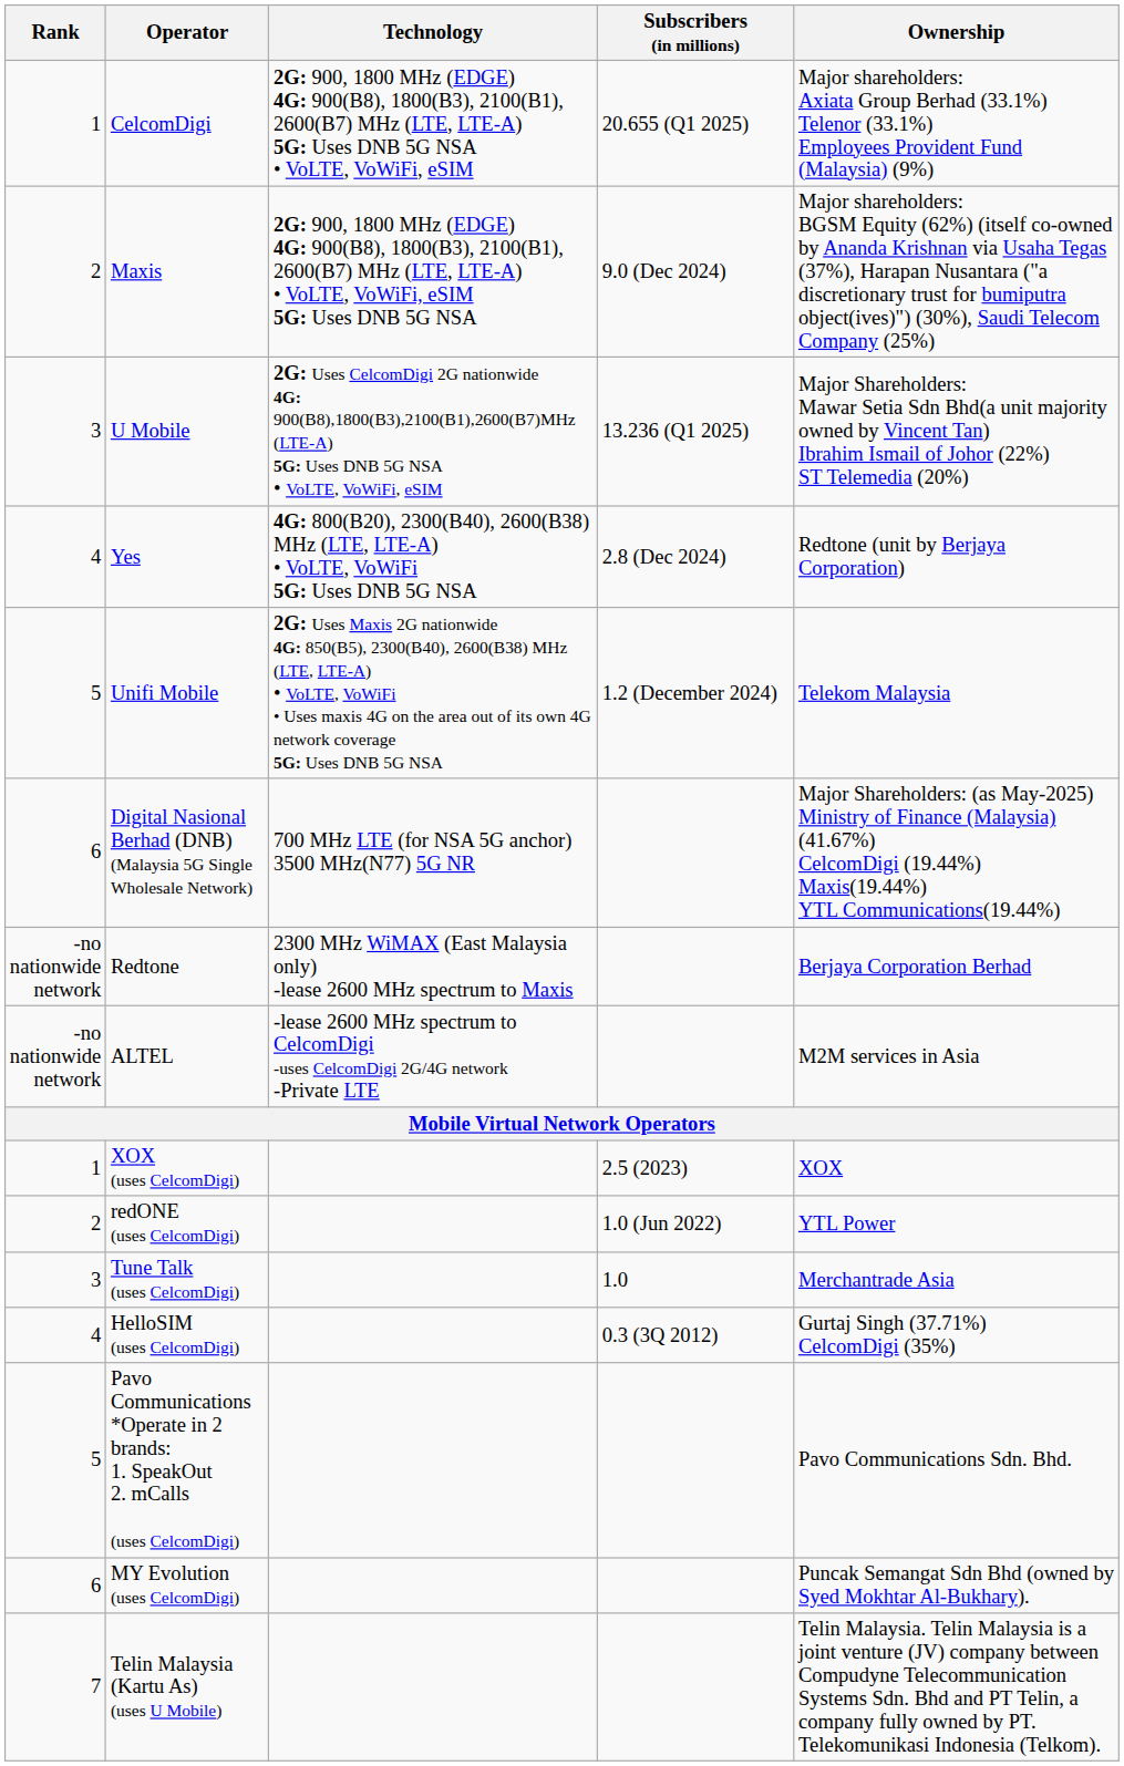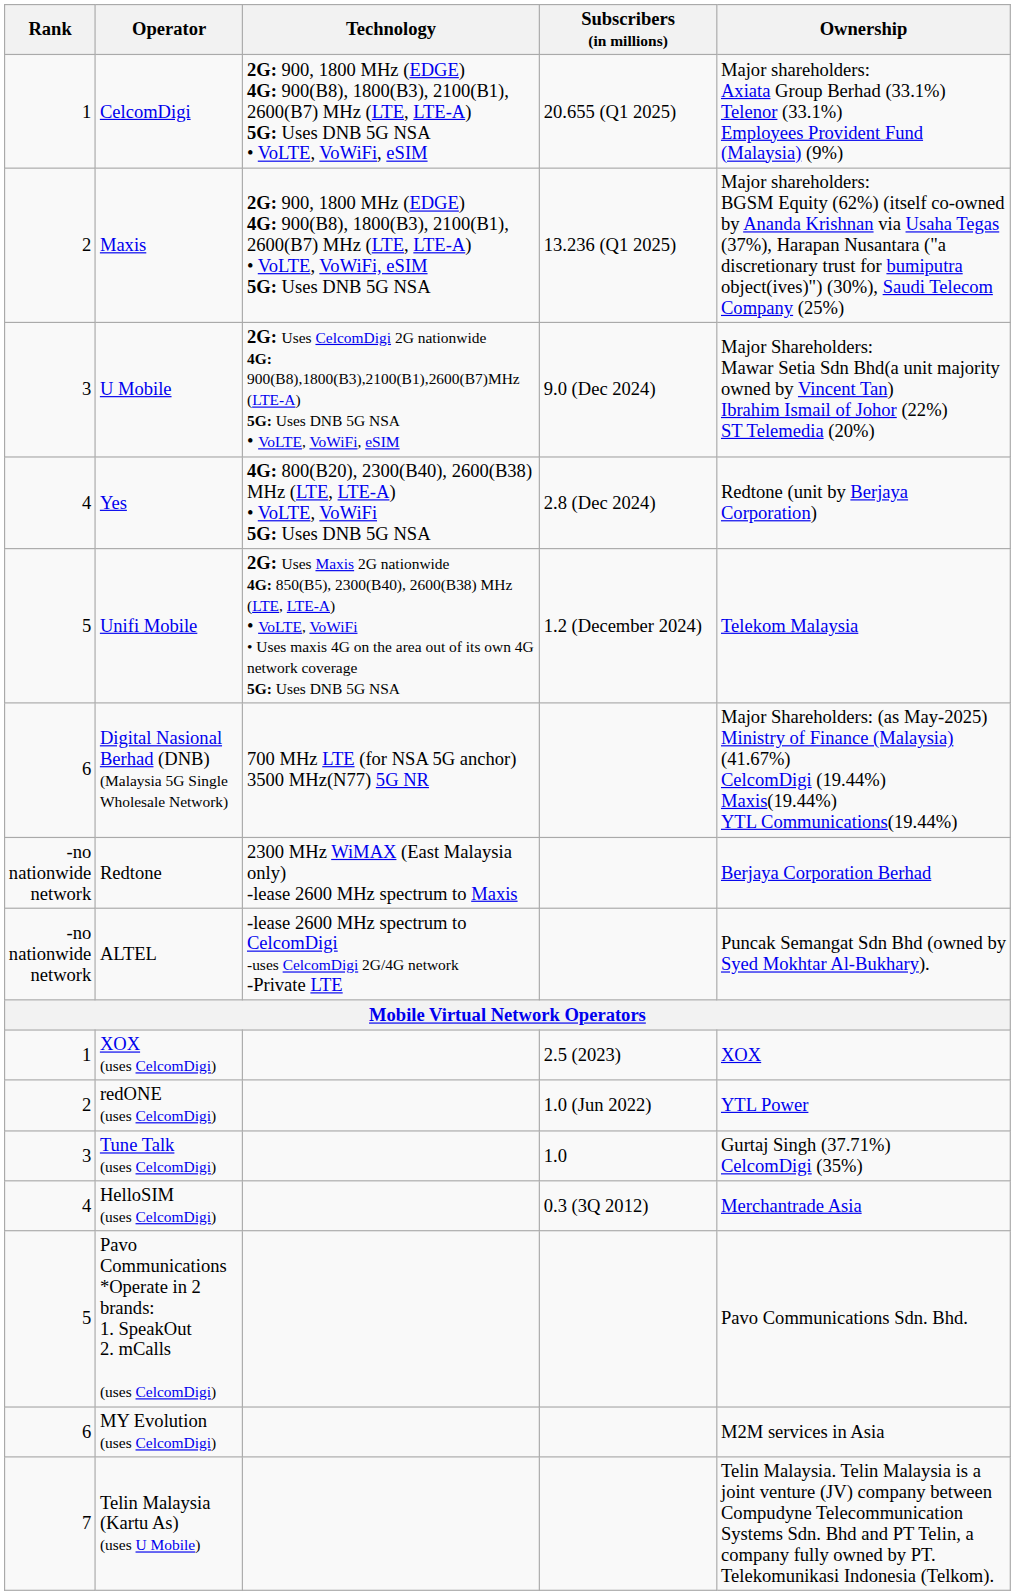 <table class="wikitable">
 <tr>
 <th style="width:3%;">Rank</th>
 <th style="width:15%;">Operator</th>
 <th style="width:30%;">Technology</th>
 <th style="width:20%;">Subscribers<br><small>(in millions)</small></th>
 <th style="width:32%;">Ownership</th>
 </tr>
 <tr>
 <td style="text-align:right;">1</td>
 <td><a href='#'>CelcomDigi</a></td>
 <td><strong>2G:</strong> 900, 1800 MHz (<a href='#'>EDGE</a>)<br><strong>4G:</strong> 900(B8), 1800(B3), 2100(B1), 2600(B7) MHz (<a href='#'>LTE</a>, <a href='#'>LTE-A</a>) <br><strong>5G:</strong> Uses DNB 5G NSA<br>• <a href='#'>VoLTE</a>, <a href='#'>VoWiFi</a>, <a href='#'>eSIM</a></td>
 <td>20.655  (Q1 2025)</td>
 <td>Major shareholders:<br><a href='#'>Axiata</a> Group Berhad (33.1%) <br> <a href='#'>Telenor</a> (33.1%) <br> <a href='#'>Employees Provident Fund (Malaysia)</a> (9%)</td>
 </tr>
 <tr>
 <td style="text-align:right;">2</td>
 <td><a href='#'>Maxis</a></td>
 <td><strong>2G:</strong> 900, 1800 MHz (<a href='#'>EDGE</a>)<br><strong>4G:</strong> 900(B8), 1800(B3), 2100(B1), 2600(B7) MHz (<a href='#'>LTE</a>, <a href='#'>LTE-A</a>)<br>• <a href='#'>VoLTE</a>, <a href='#'>VoWiFi, eSIM</a><br><strong>5G:</strong> Uses DNB 5G NSA</td>
-<td>9.0 (Dec 2024)</td>
+<td>13.236  (Q1 2025)</td>
 <td>Major shareholders:<br>BGSM Equity (62%) (itself co-owned by <a href='#'>Ananda Krishnan</a> via <a href='#'>Usaha Tegas</a> (37%), Harapan Nusantara ("a discretionary trust for <a href='#'>bumiputra</a> object(ives)") (30%), <a href='#'>Saudi Telecom Company</a> (25%)</td>
 </tr>
 <tr>
 <td style="text-align:right;">3</td>
 <td><a href='#'>U Mobile</a></td>
 <td><strong>2G:</strong> <small>Uses <a href='#'>CelcomDigi</a> 2G nationwide</small><br><small><strong>4G:</strong> 900(B8),1800(B3),2100(B1),2600(B7)MHz (<a href='#'>LTE-A</a>)<br><strong>5G:</strong> Uses DNB 5G NSA</small><br>• <small><a href='#'>VoLTE</a>, <a href='#'>VoWiFi</a>, <a href='#'>eSIM</a></small></td>
-<td>13.236  (Q1 2025)</td>
+<td>9.0 (Dec 2024)</td>
 <td>Major Shareholders:<br>Mawar Setia Sdn Bhd(a unit majority owned by <a href='#'>Vincent Tan</a>)<br><a href='#'>Ibrahim Ismail of Johor</a> (22%)<br><a href='#'>ST Telemedia</a> (20%)<br></td>
 </tr>
 <tr>
 <td style="text-align:right;">4</td>
 <td><a href='#'>Yes</a></td>
 <td><strong>4G:</strong> 800(B20), 2300(B40), 2600(B38) MHz (<a href='#'>LTE</a>, <a href='#'>LTE-A</a>)<br>• <a href='#'>VoLTE</a>, <a href='#'>VoWiFi</a><br> <strong>5G:</strong> Uses DNB 5G NSA</td>
 <td>2.8 (Dec 2024)</td>
 <td>Redtone (unit by <a href='#'>Berjaya Corporation</a>)</td>
 </tr>
 <tr>
 <td style="text-align:right;">5</td>
 <td><a href='#'>Unifi Mobile</a></td>
 <td><strong>2G:</strong> <small>Uses <a href='#'>Maxis</a> 2G nationwide</small><br><small><strong>4G:</strong> 850(B5), 2300(B40), 2600(B38) MHz (<a href='#'>LTE</a>, <a href='#'>LTE-A</a>)</small><br>• <small><a href='#'>VoLTE</a>, <a href='#'>VoWiFi</a><br>• Uses maxis 4G on the area out of its own 4G network coverage<br><strong>5G:</strong> Uses DNB 5G NSA</small></td>
 <td>1.2 (December 2024)</td>
 <td><a href='#'>Telekom Malaysia</a></td>
 </tr>
 <tr>
 <td style="text-align:right;">6</td>
 <td><a href='#'>Digital Nasional Berhad</a> (DNB)<br><small>(Malaysia 5G Single Wholesale Network)</small></td>
 <td>700 MHz <a href='#'>LTE</a> (for NSA 5G anchor)<br>3500 MHz(N77) <a href='#'>5G NR</a></td>
 <td></td>
 <td>Major Shareholders: (as May-2025)<br><a href='#'>Ministry of Finance (Malaysia)</a> (41.67%)<br><a href='#'>CelcomDigi</a> (19.44%)<br><a href='#'>Maxis</a>(19.44%)<br><a href='#'>YTL Communications</a>(19.44%)</td>
 </tr>
 <tr>
 <td style="text-align:right;">-no nationwide network</td>
 <td>Redtone</td>
 <td>2300 MHz <a href='#'>WiMAX</a> (East Malaysia only)<br>-lease 2600 MHz spectrum to <a href='#'>Maxis</a></td>
 <td></td>
 <td><a href='#'>Berjaya Corporation Berhad</a></td>
 </tr>
 <tr>
 <td style="text-align:right;">-no nationwide network</td>
 <td>ALTEL</td>
 <td>-lease 2600 MHz spectrum to <a href='#'>CelcomDigi</a> <br><small>-uses <a href='#'>CelcomDigi</a> 2G/4G network</small><br>-Private <a href='#'>LTE</a></td>
 <td></td>
-<td>M2M services in Asia</td>
+<td>Puncak Semangat Sdn Bhd (owned by <a href='#'>Syed Mokhtar Al-Bukhary</a>).</td>
 </tr>
 <tr>
 <th colspan="5" style="text-align:center;"><a href='#'>Mobile Virtual Network Operators</a></th>
 </tr>
 <tr>
 <td style="text-align:right;">1</td>
 <td><a href='#'>XOX</a><br><small>(uses <a href='#'>CelcomDigi</a>)</small></td>
 <td></td>
 <td>2.5 (2023)</td>
 <td><a href='#'>XOX</a></td>
 </tr>
 <tr>
 <td style="text-align:right;">2</td>
 <td>redONE<br><small>(uses <a href='#'>CelcomDigi</a>)</small></td>
 <td></td>
 <td>1.0  (Jun 2022)</td>
 <td><a href='#'>YTL Power</a></td>
 </tr>
 <tr>
 <td style="text-align:right;">3</td>
 <td><a href='#'>Tune Talk</a><br><small>(uses <a href='#'>CelcomDigi</a>)</small></td>
 <td></td>
 <td>1.0</td>
-<td><a href='#'>Merchantrade Asia</a></td>
+<td>Gurtaj Singh (37.71%)<br><a href='#'>CelcomDigi</a> (35%)</td>
 </tr>
 <tr>
 <td style="text-align:right;">4</td>
 <td>HelloSIM<br><small>(uses <a href='#'>CelcomDigi</a>)</small></td>
 <td></td>
 <td>0.3 (3Q 2012)</td>
-<td>Gurtaj Singh (37.71%)<br><a href='#'>CelcomDigi</a> (35%)</td>
+<td><a href='#'>Merchantrade Asia</a></td>
 </tr>
 <tr>
 <td style="text-align:right;">5</td>
 <td>Pavo Communications<br> *Operate in 2 brands:<br>1. SpeakOut<br>2. mCalls<br><br><small>(uses <a href='#'>CelcomDigi</a>)</small></td>
 <td></td>
 <td></td>
 <td>Pavo Communications Sdn. Bhd.</td>
 </tr>
 <tr>
 <td style="text-align:right;">6</td>
 <td>MY Evolution<br><small>(uses <a href='#'>CelcomDigi</a>)</small></td>
 <td></td>
 <td></td>
-<td>Puncak Semangat Sdn Bhd (owned by <a href='#'>Syed Mokhtar Al-Bukhary</a>).</td>
+<td>M2M services in Asia</td>
 </tr>
 <tr>
 <td style="text-align:right;">7</td>
 <td>Telin Malaysia (Kartu As)<br><small>(uses <a href='#'>U Mobile</a>)</small></td>
 <td></td>
 <td></td>
 <td>Telin Malaysia. Telin Malaysia is a joint venture (JV) company between Compudyne Telecommunication Systems Sdn. Bhd and PT Telin, a company fully owned by PT. Telekomunikasi Indonesia (Telkom).</td>
 </tr>
 </table>
